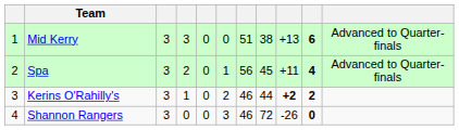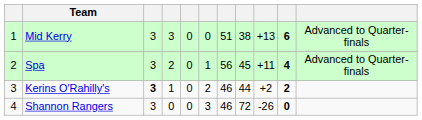 <table class="wikitable" style="text-align:center">
 <tr>
 <th width="20"></th>
 <th style="width:175px;">Team</th>
 <th width="20"></th>
 <th width="20"></th>
 <th width="20"></th>
 <th width="20"></th>
 <th width="20"></th>
 <th width="20"></th>
 <th width="20"></th>
 <th width="20"></th>
 <th style="width:175px;"></th>
 </tr>
 <tr style="background:#cfc;">
 <td>1</td>
 <td style="text-align:left;"> <a href='#'>Mid Kerry</a></td>
 <td>3</td>
 <td>3</td>
 <td>0</td>
 <td>0</td>
 <td>51</td>
 <td>38</td>
 <td>+13</td>
 <td><strong>6</strong></td>
 <td>Advanced to Quarter-finals</td>
 </tr>
 <tr style="background:#cfc;">
 <td>2</td>
 <td style="text-align:left;"> <a href='#'>Spa</a></td>
 <td>3</td>
 <td>2</td>
 <td>0</td>
 <td>1</td>
 <td>56</td>
 <td>45</td>
 <td>+11</td>
 <td><strong>4</strong></td>
 <td>Advanced to Quarter-finals</td>
 </tr>
 <tr>
 <td>3</td>
 <td style="text-align:left;"> <a href='#'>Kerins O'Rahilly's</a></td>
-<td>3</td>
+<td><strong>3</strong></td>
 <td>1</td>
 <td>0</td>
 <td>2</td>
 <td>46</td>
 <td>44</td>
-<td><strong>+2</strong></td>
+<td>+2</td>
 <td><strong>2</strong></td>
 <td></td>
 </tr>
 <tr>
 <td>4</td>
 <td style="text-align:left;"> <a href='#'>Shannon Rangers</a></td>
 <td>3</td>
 <td>0</td>
 <td>0</td>
 <td>3</td>
 <td>46</td>
 <td>72</td>
 <td>-26</td>
 <td><strong>0</strong></td>
 <td></td>
 </tr>
 </table>
